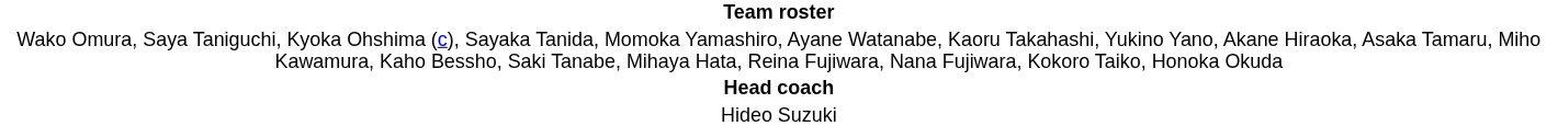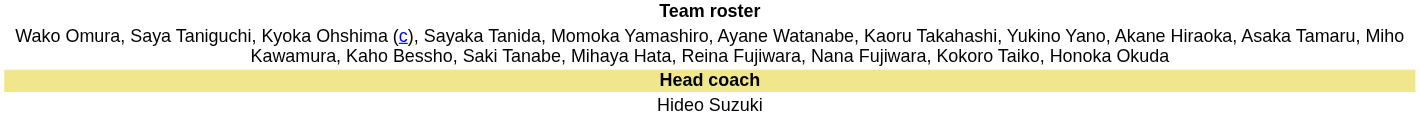 <table style="text-align:center; margin-top:2em; margin-left:auto; margin-right:auto">
 <tr>
 <td><strong>Team roster</strong></td>
 </tr>
 <tr>
 <td>Wako Omura, Saya Taniguchi, Kyoka Ohshima (<a href='#'>c</a>), Sayaka Tanida, Momoka Yamashiro, Ayane Watanabe, Kaoru Takahashi, Yukino Yano, Akane Hiraoka, Asaka Tamaru, Miho Kawamura, Kaho Bessho, Saki Tanabe, Mihaya Hata, Reina Fujiwara, Nana Fujiwara, Kokoro Taiko, Honoka Okuda</td>
 </tr>
 <tr>
-<td><strong>Head coach</strong></td>
+<td style="background: khaki;"><strong>Head coach</strong></td>
 </tr>
 <tr>
 <td>Hideo Suzuki</td>
 </tr>
 </table>
